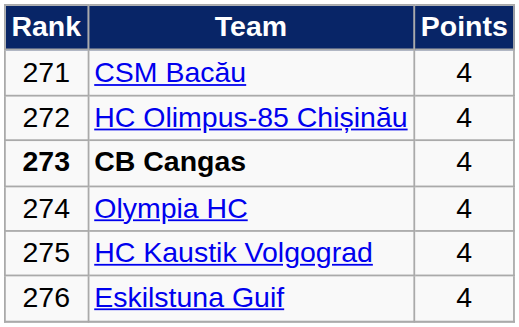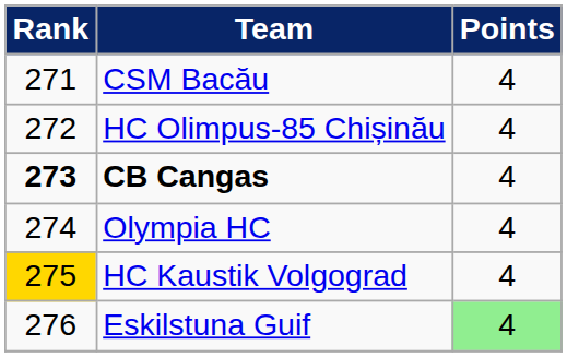 <table class="wikitable" style="text-align: center;">
 <tr>
 <th style="color:#FFFFFF; background:#082567">Rank</th>
 <th style="color:#FFFFFF; background:#082567">Team</th>
 <th style="color:#FFFFFF; background:#082567">Points</th>
 </tr>
 <tr>
 <td>271</td>
 <td align=left> <a href='#'>CSM Bacău</a></td>
 <td>4</td>
 </tr>
 <tr>
 <td>272</td>
 <td align=left> <a href='#'>HC Olimpus-85 Chișinău</a></td>
 <td>4</td>
 </tr>
 <tr>
 <td><strong>273</strong></td>
 <td align=left> <strong>CB Cangas</strong></td>
 <td>4</td>
 </tr>
 <tr>
 <td>274</td>
 <td align=left> <a href='#'>Olympia HC</a></td>
 <td>4</td>
 </tr>
 <tr>
-<td>275</td>
+<td style="background: gold;">275</td>
 <td align=left> <a href='#'>HC Kaustik Volgograd</a></td>
 <td>4</td>
 </tr>
 <tr>
 <td>276</td>
 <td align=left> <a href='#'>Eskilstuna Guif</a></td>
-<td>4</td>
+<td style="background: lightgreen;">4</td>
 </tr>
 <tr>
 </tr>
 </table>
